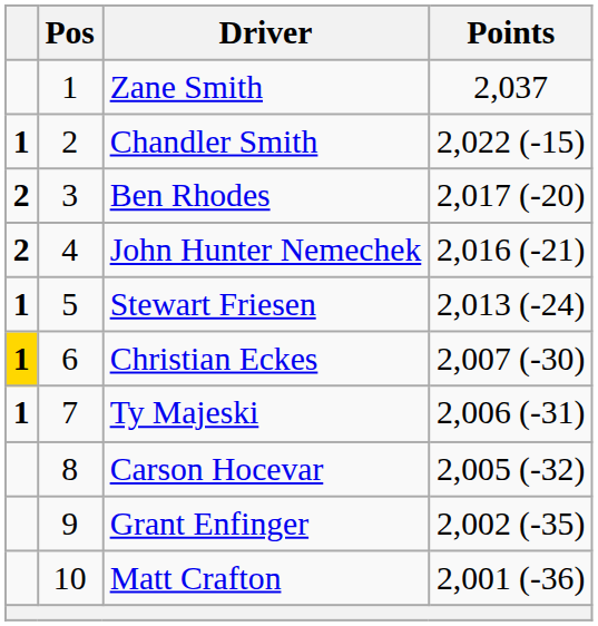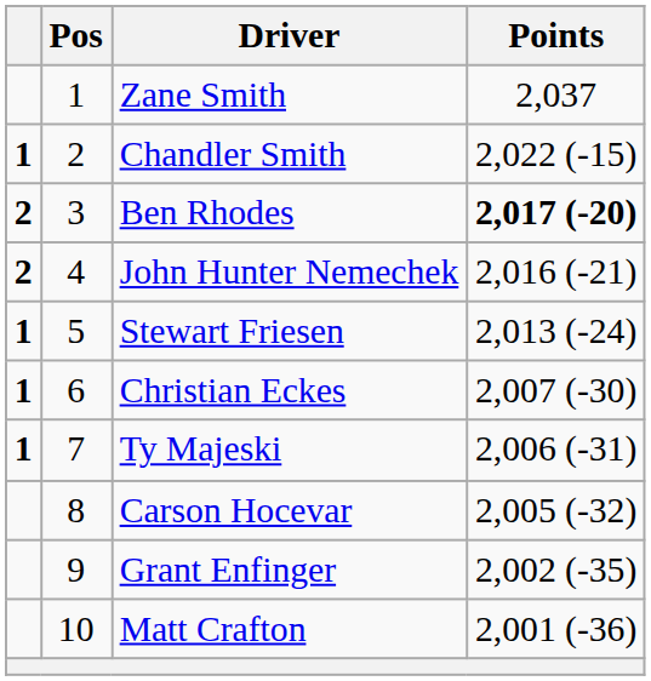 <table class="wikitable" style="font-size: 95%;">
 <tr>
 <th></th>
 <th>Pos</th>
 <th>Driver</th>
 <th>Points</th>
 </tr>
 <tr>
 <td align="left"></td>
 <td style="text-align:center;">1</td>
 <td><a href='#'>Zane Smith</a></td>
 <td style="text-align:center;">2,037</td>
 </tr>
 <tr>
 <td align="left"> <strong>1</strong></td>
 <td style="text-align:center;">2</td>
 <td><a href='#'>Chandler Smith</a></td>
 <td style="text-align:center;">2,022 (-15)</td>
 </tr>
 <tr>
 <td align="left"> <strong>2</strong></td>
 <td style="text-align:center;">3</td>
 <td><a href='#'>Ben Rhodes</a></td>
-<td style="text-align:center;">2,017 (-20)</td>
+<td style="text-align:center;"><strong>2,017 (-20)</strong></td>
 </tr>
 <tr>
 <td align="left"> <strong>2</strong></td>
 <td style="text-align:center;">4</td>
 <td><a href='#'>John Hunter Nemechek</a></td>
 <td style="text-align:center;">2,016 (-21)</td>
 </tr>
 <tr>
 <td align="left"> <strong>1</strong></td>
 <td style="text-align:center;">5</td>
 <td><a href='#'>Stewart Friesen</a></td>
 <td style="text-align:center;">2,013 (-24)</td>
 </tr>
 <tr>
-<td align="left" style="background: gold;"> <strong>1</strong></td>
+<td align="left"> <strong>1</strong></td>
 <td style="text-align:center;">6</td>
 <td><a href='#'>Christian Eckes</a></td>
 <td style="text-align:center;">2,007 (-30)</td>
 </tr>
 <tr>
 <td align="left"> <strong>1</strong></td>
 <td style="text-align:center;">7</td>
 <td><a href='#'>Ty Majeski</a></td>
 <td style="text-align:center;">2,006 (-31)</td>
 </tr>
 <tr>
 <td align="left"></td>
 <td style="text-align:center;">8</td>
 <td><a href='#'>Carson Hocevar</a></td>
 <td style="text-align:center;">2,005 (-32)</td>
 </tr>
 <tr>
 <td align="left"></td>
 <td style="text-align:center;">9</td>
 <td><a href='#'>Grant Enfinger</a></td>
 <td style="text-align:center;">2,002 (-35)</td>
 </tr>
 <tr>
 <td align="left"></td>
 <td style="text-align:center;">10</td>
 <td><a href='#'>Matt Crafton</a></td>
 <td style="text-align:center;">2,001 (-36)</td>
 </tr>
 <tr class="sortbottom">
 <th colspan="9"></th>
 </tr>
 </table>
